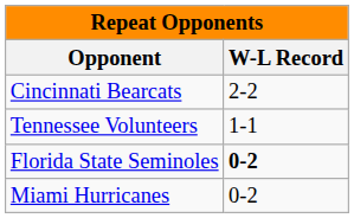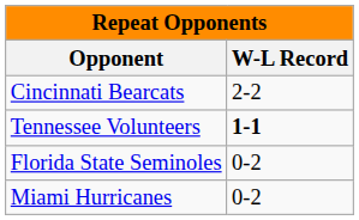 <table class="wikitable" align="center">
 <tr>
 <th colspan="4" style="background:#FF8C00;">Repeat Opponents</th>
 </tr>
 <tr>
 <th>Opponent</th>
 <th>W-L Record</th>
 </tr>
 <tr>
 <td><a href='#'>Cincinnati Bearcats</a></td>
 <td>2-2</td>
 </tr>
 <tr>
 <td><a href='#'>Tennessee Volunteers</a></td>
-<td>1-1</td>
+<td><strong>1-1</strong></td>
 </tr>
 <tr>
 <td><a href='#'>Florida State Seminoles</a></td>
-<td><strong>0-2</strong></td>
+<td>0-2</td>
 </tr>
 <tr>
 <td><a href='#'>Miami Hurricanes</a></td>
 <td>0-2</td>
 </tr>
 </table>
